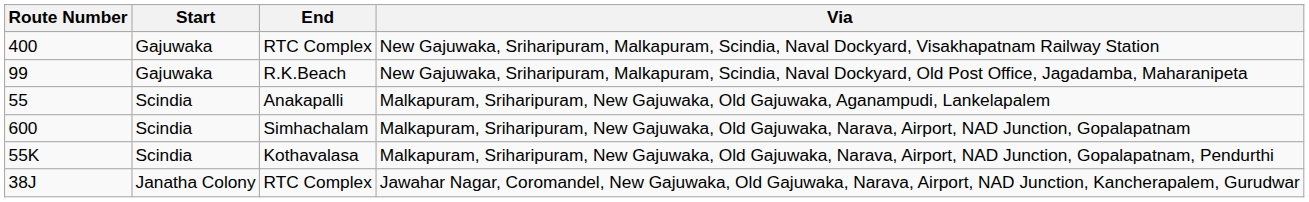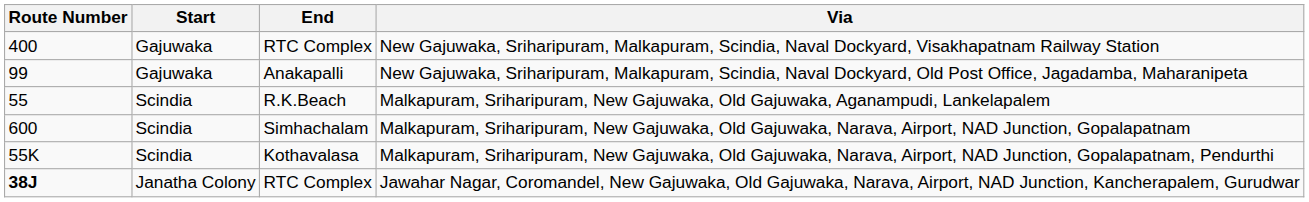 <table class="sortable wikitable">
 <tr>
 <th>Route Number</th>
 <th>Start</th>
 <th>End</th>
 <th>Via</th>
 </tr>
 <tr>
 <td>400</td>
 <td>Gajuwaka</td>
 <td>RTC Complex</td>
 <td>New Gajuwaka, Sriharipuram, Malkapuram, Scindia, Naval Dockyard, Visakhapatnam Railway Station</td>
 </tr>
 <tr>
 <td>99</td>
 <td>Gajuwaka</td>
-<td>R.K.Beach</td>
+<td>Anakapalli</td>
 <td>New Gajuwaka, Sriharipuram, Malkapuram, Scindia, Naval Dockyard, Old Post Office, Jagadamba, Maharanipeta</td>
 </tr>
 <tr>
 <td>55</td>
 <td>Scindia</td>
-<td>Anakapalli</td>
+<td>R.K.Beach</td>
 <td>Malkapuram, Sriharipuram, New Gajuwaka, Old Gajuwaka, Aganampudi, Lankelapalem</td>
 </tr>
 <tr>
 <td>600</td>
 <td>Scindia</td>
 <td>Simhachalam</td>
 <td>Malkapuram, Sriharipuram, New Gajuwaka, Old Gajuwaka, Narava, Airport, NAD Junction, Gopalapatnam</td>
 </tr>
 <tr>
 <td>55K</td>
 <td>Scindia</td>
 <td>Kothavalasa</td>
 <td>Malkapuram, Sriharipuram, New Gajuwaka, Old Gajuwaka, Narava, Airport, NAD Junction, Gopalapatnam, Pendurthi</td>
 </tr>
 <tr>
-<td>38J</td>
+<td><strong>38J</strong></td>
 <td>Janatha Colony</td>
 <td>RTC Complex</td>
 <td>Jawahar Nagar, Coromandel, New Gajuwaka, Old Gajuwaka, Narava, Airport, NAD Junction, Kancherapalem, Gurudwar</td>
 </tr>
 </table>
